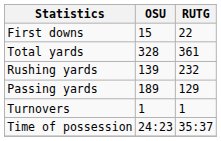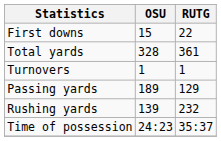 <table class="wikitable">
 <tr>
 <th>Statistics</th>
 <th>OSU</th>
 <th>RUTG</th>
 </tr>
 <tr>
 <td>First downs</td>
 <td>15</td>
 <td>22</td>
 </tr>
 <tr>
 <td>Total yards</td>
 <td>328</td>
 <td>361</td>
 </tr>
 <tr>
-<td>Rushing yards</td>
-<td>139</td>
-<td>232</td>
+<td>Turnovers</td>
+<td>1</td>
+<td>1</td>
 </tr>
 <tr>
 <td>Passing yards</td>
 <td>189</td>
 <td>129</td>
 </tr>
 <tr>
-<td>Turnovers</td>
-<td>1</td>
-<td>1</td>
+<td>Rushing yards</td>
+<td>139</td>
+<td>232</td>
 </tr>
 <tr>
 <td>Time of possession</td>
 <td>24:23</td>
 <td>35:37</td>
 </tr>
 <tr>
 </tr>
 </table>
